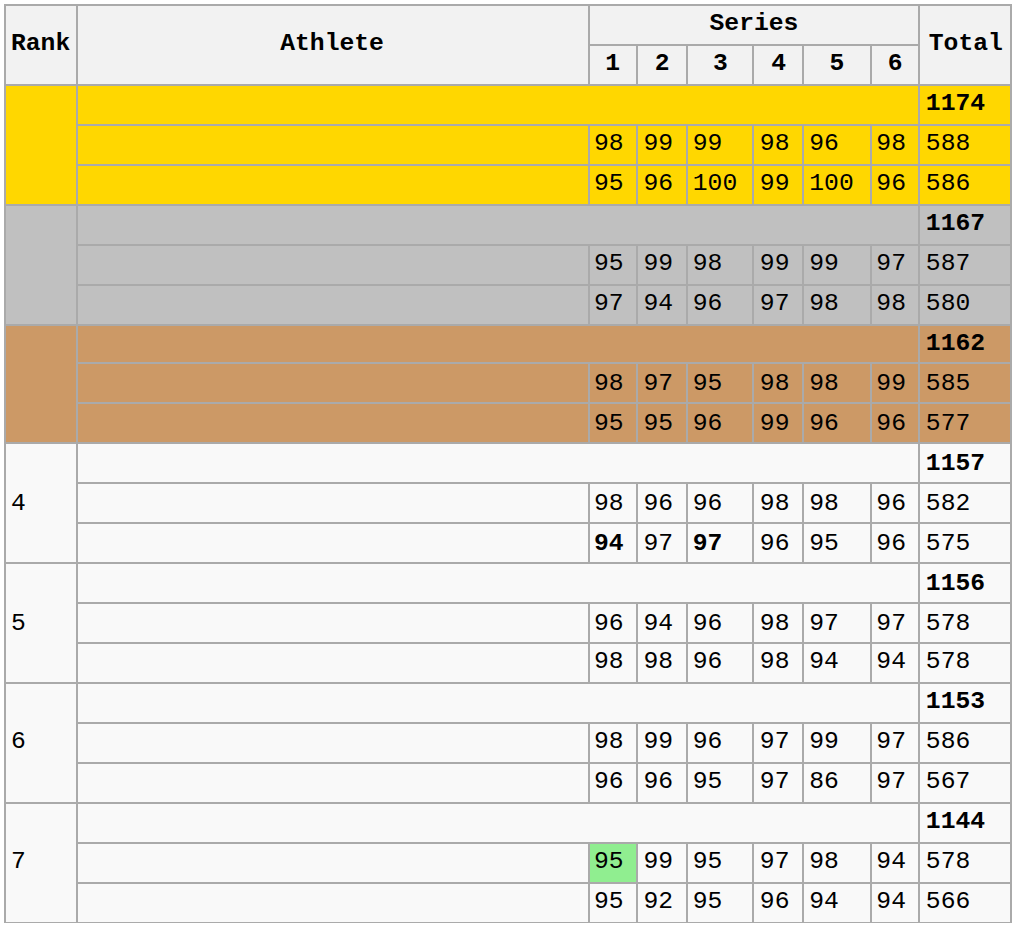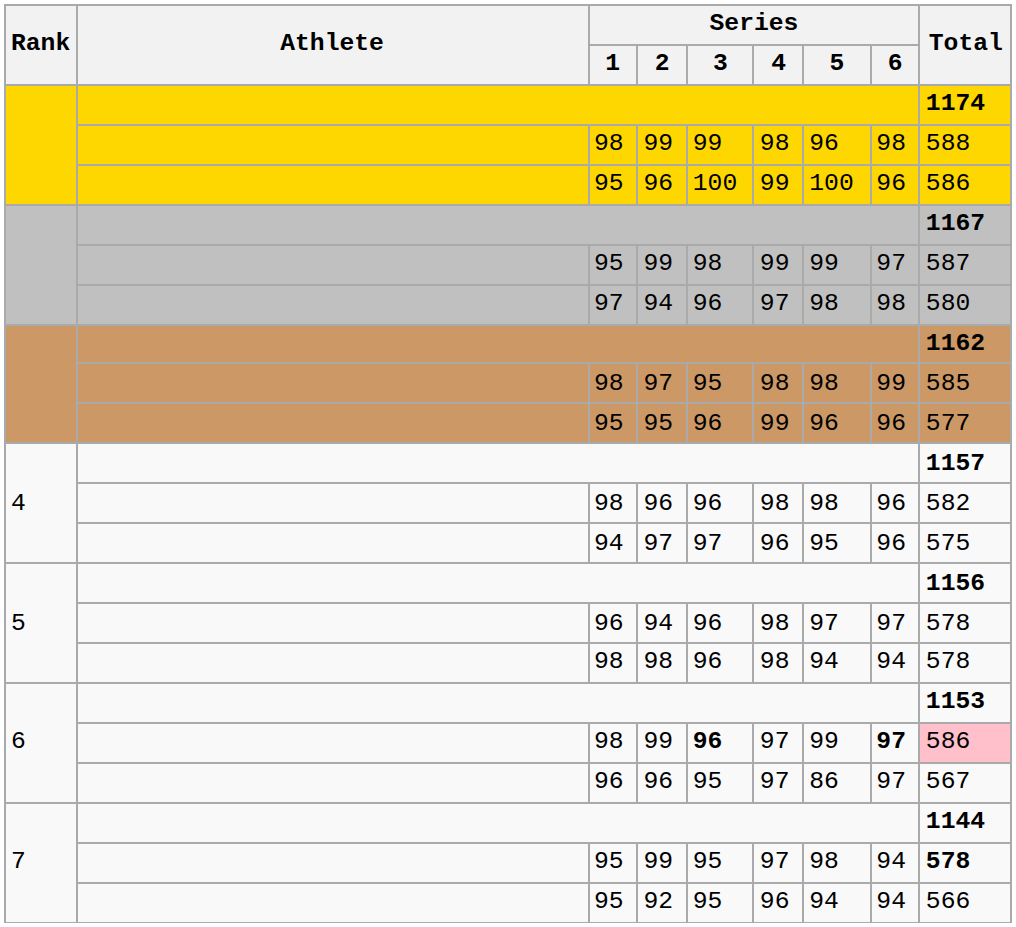 <table class="wikitable" style="font-size:95%" style="width:35em;" style="text-align:center">
 <tr>
 <th rowspan=2>Rank</th>
 <th rowspan=2 width=250>Athlete</th>
 <th colspan=6 width=160>Series</th>
 <th rowspan=2 width=40>Total</th>
 </tr>
 <tr>
 <th>1</th>
 <th>2</th>
 <th>3</th>
 <th>4</th>
 <th>5</th>
 <th>6</th>
 </tr>
 <tr bgcolor=gold>
 <td rowspan=3></td>
 <td colspan=7 align=left></td>
 <td><strong>1174</strong></td>
 </tr>
 <tr bgcolor=gold>
 <td align=left></td>
 <td>98</td>
 <td>99</td>
 <td>99</td>
 <td>98</td>
 <td>96</td>
 <td>98</td>
 <td>588</td>
 </tr>
 <tr bgcolor=gold>
 <td align=left></td>
 <td>95</td>
 <td>96</td>
 <td>100</td>
 <td>99</td>
 <td>100</td>
 <td>96</td>
 <td>586</td>
 </tr>
 <tr bgcolor=silver>
 <td rowspan=3></td>
 <td colspan=7 align=left></td>
 <td><strong>1167</strong></td>
 </tr>
 <tr bgcolor=silver>
 <td align=left></td>
 <td>95</td>
 <td>99</td>
 <td>98</td>
 <td>99</td>
 <td>99</td>
 <td>97</td>
 <td>587</td>
 </tr>
 <tr bgcolor=silver>
 <td align=left></td>
 <td>97</td>
 <td>94</td>
 <td>96</td>
 <td>97</td>
 <td>98</td>
 <td>98</td>
 <td>580</td>
 </tr>
 <tr bgcolor=cc9966>
 <td rowspan=3></td>
 <td colspan=7 align=left></td>
 <td><strong>1162</strong></td>
 </tr>
 <tr bgcolor=cc9966>
 <td align=left></td>
 <td>98</td>
 <td>97</td>
 <td>95</td>
 <td>98</td>
 <td>98</td>
 <td>99</td>
 <td>585</td>
 </tr>
 <tr bgcolor=cc9966>
 <td align=left></td>
 <td>95</td>
 <td>95</td>
 <td>96</td>
 <td>99</td>
 <td>96</td>
 <td>96</td>
 <td>577</td>
 </tr>
 <tr>
 <td rowspan=3>4</td>
 <td colspan=7 align=left></td>
 <td><strong>1157</strong></td>
 </tr>
 <tr>
 <td align=left></td>
 <td>98</td>
 <td>96</td>
 <td>96</td>
 <td>98</td>
 <td>98</td>
 <td>96</td>
 <td>582</td>
 </tr>
 <tr>
 <td align=left></td>
-<td><strong>94</strong></td>
+<td>94</td>
 <td>97</td>
-<td><strong>97</strong></td>
+<td>97</td>
 <td>96</td>
 <td>95</td>
 <td>96</td>
 <td>575</td>
 </tr>
 <tr>
 <td rowspan=3>5</td>
 <td colspan=7 align=left></td>
 <td><strong>1156</strong></td>
 </tr>
 <tr>
 <td align=left></td>
 <td>96</td>
 <td>94</td>
 <td>96</td>
 <td>98</td>
 <td>97</td>
 <td>97</td>
 <td>578</td>
 </tr>
 <tr>
 <td align=left></td>
 <td>98</td>
 <td>98</td>
 <td>96</td>
 <td>98</td>
 <td>94</td>
 <td>94</td>
 <td>578</td>
 </tr>
 <tr>
 <td rowspan=3>6</td>
 <td colspan=7 align=left></td>
 <td><strong>1153</strong></td>
 </tr>
 <tr>
 <td align=left></td>
 <td>98</td>
 <td>99</td>
-<td>96</td>
+<td><strong>96</strong></td>
 <td>97</td>
 <td>99</td>
-<td>97</td>
-<td>586</td>
+<td><strong>97</strong></td>
+<td style="background: pink;">586</td>
 </tr>
 <tr>
 <td align=left></td>
 <td>96</td>
 <td>96</td>
 <td>95</td>
 <td>97</td>
 <td>86</td>
 <td>97</td>
 <td>567</td>
 </tr>
 <tr>
 <td rowspan=3>7</td>
 <td colspan=7 align=left></td>
 <td><strong>1144</strong></td>
 </tr>
 <tr>
 <td align=left></td>
-<td style="background: lightgreen;">95</td>
+<td>95</td>
 <td>99</td>
 <td>95</td>
 <td>97</td>
 <td>98</td>
 <td>94</td>
-<td>578</td>
+<td><strong>578</strong></td>
 </tr>
 <tr>
 <td align=left></td>
 <td>95</td>
 <td>92</td>
 <td>95</td>
 <td>96</td>
 <td>94</td>
 <td>94</td>
 <td>566</td>
 </tr>
 <tr>
 </tr>
 </table>
